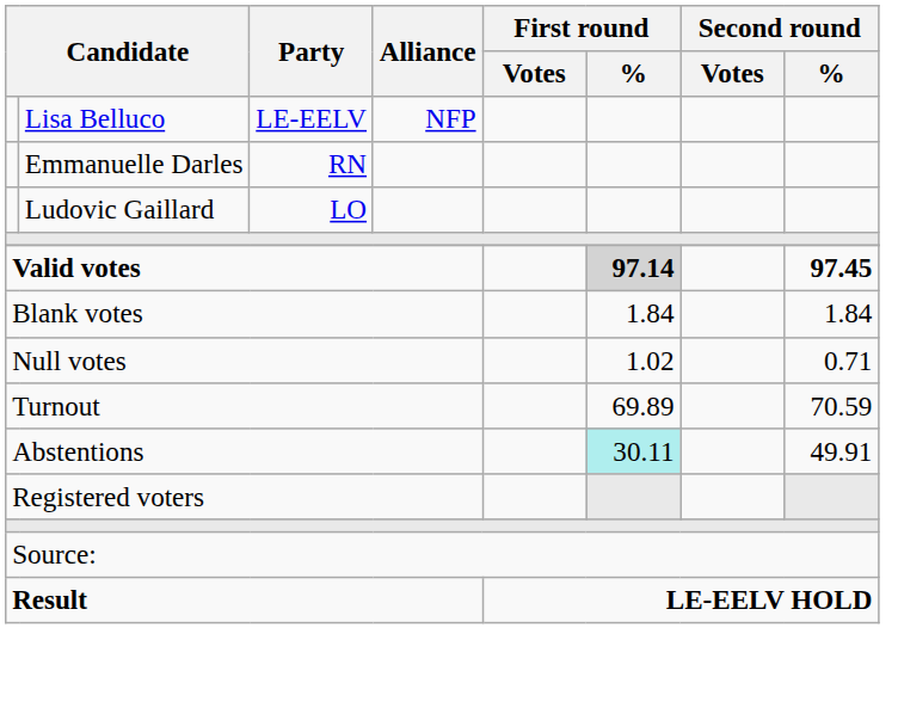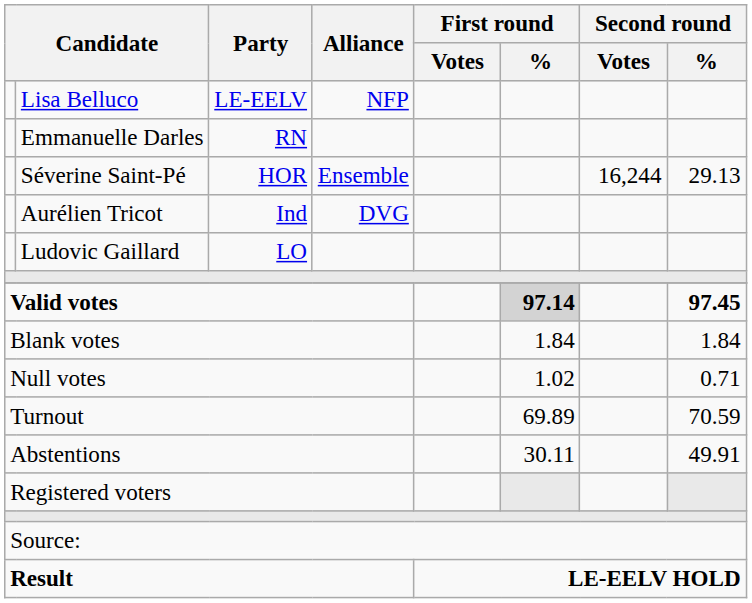 <table class="wikitable" style="text-align:right;font-size:95%;">
 <tr>
 <th colspan="2" rowspan="2">Candidate</th>
 <th colspan="1" rowspan="2">Party</th>
 <th colspan="1" rowspan="2">Alliance</th>
 <th colspan="2">First round</th>
 <th colspan="2">Second round</th>
 </tr>
 <tr>
 <th style="width:50px;">Votes</th>
 <th style="width:45px;">%</th>
 <th style="width:50px;">Votes</th>
 <th style="width:45px;">%</th>
 </tr>
 <tr>
 <td style="color:inherit;background:"></td>
 <td style="text-align:left;"><a href='#'>Lisa Belluco</a></td>
 <td><a href='#'>LE-EELV</a></td>
 <td><a href='#'>NFP</a></td>
 <td></td>
 <td></td>
 <td><strong></strong></td>
 <td><strong></strong></td>
 </tr>
 <tr>
 <td style="color:inherit;background:"></td>
 <td style="text-align:left;">Emmanuelle Darles</td>
 <td><a href='#'>RN</a></td>
 <td></td>
+<td></td>
+<td></td>
+<td></td>
+<td></td>
+</tr>
+<tr>
+<td style="color:inherit;background:"></td>
+<td style="text-align:left;">Séverine Saint-Pé</td>
+<td><a href='#'>HOR</a></td>
+<td><a href='#'>Ensemble</a></td>
+<td></td>
+<td></td>
+<td>16,244</td>
+<td>29.13</td>
+</tr>
+<tr>
+<td style="color:inherit;background:"></td>
+<td style="text-align:left;">Aurélien Tricot</td>
+<td><a href='#'>Ind</a></td>
+<td><a href='#'>DVG</a></td>
 <td></td>
 <td></td>
 <td></td>
 <td></td>
 </tr>
 <tr>
 <td style="color:inherit;background:"></td>
 <td style="text-align:left;">Ludovic Gaillard</td>
 <td><a href='#'>LO</a></td>
 <td></td>
 <td></td>
 <td></td>
 <td></td>
 <td></td>
 </tr>
 <tr>
 <td colspan="8" style="background:#E9E9E9;"></td>
 </tr>
 <tr>
 </tr>
 <tr style="font-weight:bold;">
 <td colspan="4" style="text-align:left;">Valid votes</td>
 <td></td>
 <td style="background: lightgrey;">97.14</td>
 <td></td>
 <td>97.45</td>
 </tr>
 <tr>
 <td colspan="4" style="text-align:left;">Blank votes</td>
 <td></td>
 <td>1.84</td>
 <td></td>
 <td>1.84</td>
 </tr>
 <tr>
 <td colspan="4" style="text-align:left;">Null votes</td>
 <td></td>
 <td>1.02</td>
 <td></td>
 <td>0.71</td>
 </tr>
 <tr>
 <td colspan="4" style="text-align:left;">Turnout</td>
 <td></td>
 <td>69.89</td>
 <td></td>
 <td>70.59</td>
 </tr>
 <tr>
 <td colspan="4" style="text-align:left;">Abstentions</td>
 <td></td>
-<td style="background: paleturquoise;">30.11</td>
+<td>30.11</td>
 <td></td>
 <td>49.91</td>
 </tr>
 <tr>
 <td colspan="4" style="text-align:left;">Registered voters</td>
 <td></td>
 <td style="background:#E9E9E9;"></td>
 <td></td>
 <td style="background:#E9E9E9;"></td>
 </tr>
 <tr>
 <td colspan="8" style="background:#E9E9E9;"></td>
 </tr>
 <tr>
 <td colspan="8" style="text-align:left;">Source: </td>
 </tr>
 <tr style="font-weight:bold">
 <td colspan="4" style="text-align:left;">Result</td>
 <td colspan="4" style="background-color:">LE-EELV HOLD</td>
 </tr>
 </table>
